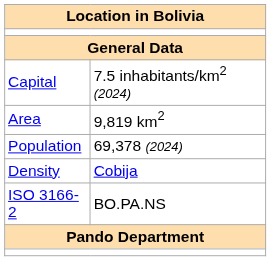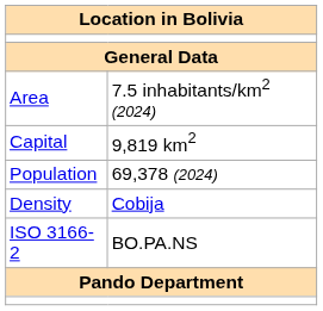 <table border=1 align=right cellpadding=3 cellspacing=0 width=270 style="margin: 0 0 1em 1em; border: 1px #aaa solid; border-collapse: collapse;">
 <tr>
 <th colspan="2" bgcolor="#FFDEAD">Location in Bolivia</th>
 </tr>
 <tr>
 <td colspan="2" align="center" bgcolor="#ffffff"></td>
 </tr>
 <tr>
 <th colspan="2" bgcolor="#FFDEAD">General Data</th>
 </tr>
 <tr>
-<td><a href='#'>Capital</a></td>
+<td><a href='#'>Area</a></td>
 <td>7.5 inhabitants/km<sup>2</sup> <em><small>(2024)</small></em></td>
 </tr>
 <tr>
-<td><a href='#'>Area</a></td>
+<td><a href='#'>Capital</a></td>
 <td>9,819 km<sup>2</sup></td>
 </tr>
 <tr>
 <td><a href='#'>Population</a></td>
 <td>69,378 <em><small>(2024)</small></em></td>
 </tr>
 <tr>
 <td><a href='#'>Density</a></td>
 <td><a href='#'>Cobija</a></td>
 </tr>
 <tr>
 <td><a href='#'>ISO 3166-2</a></td>
 <td>BO.PA.NS</td>
 </tr>
 <tr>
 <th colspan="2" bgcolor="#FFDEAD">Pando Department</th>
 </tr>
 <tr>
 <td colspan="2" align="center" bgcolor="#ffffff"></td>
 </tr>
 </table>
